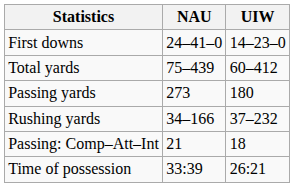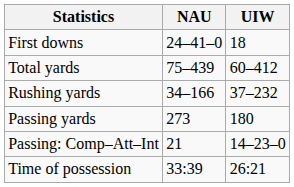 <table class="wikitable" style="float: left;">
 <tr>
 <th>Statistics</th>
 <th>NAU</th>
 <th>UIW</th>
 </tr>
 <tr>
 <td>First downs</td>
 <td>24–41–0</td>
-<td>14–23–0</td>
+<td>18</td>
 </tr>
 <tr>
 <td>Total yards</td>
 <td>75–439</td>
 <td>60–412</td>
 </tr>
 <tr>
+<td>Rushing yards</td>
+<td>34–166</td>
+<td>37–232</td>
+</tr>
+<tr>
 <td>Passing yards</td>
 <td>273</td>
 <td>180</td>
 </tr>
 <tr>
-<td>Rushing yards</td>
-<td>34–166</td>
-<td>37–232</td>
-</tr>
-<tr>
 <td>Passing: Comp–Att–Int</td>
 <td>21</td>
-<td>18</td>
+<td>14–23–0</td>
 </tr>
 <tr>
 <td>Time of possession</td>
 <td>33:39</td>
 <td>26:21</td>
 </tr>
 <tr>
 </tr>
 </table>
